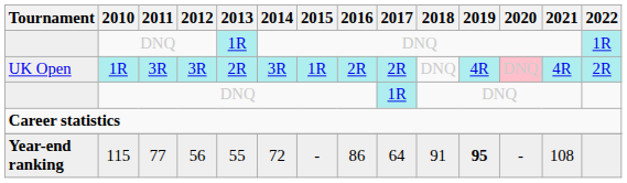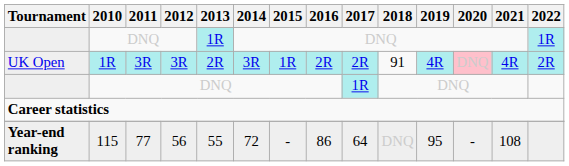 <table class="wikitable" style="width:30%; margin:0">
 <tr>
 <th>Tournament</th>
 <th>2010</th>
 <th>2011</th>
 <th>2012</th>
 <th>2013</th>
 <th>2014</th>
 <th>2015</th>
 <th>2016</th>
 <th>2017</th>
 <th>2018</th>
 <th>2019</th>
 <th>2020</th>
 <th>2021</th>
 <th>2022</th>
 </tr>
 <tr>
 <td style="background:#efefef;"></td>
 <td colspan="3" style="text-align:center; color:#ccc;">DNQ</td>
 <td style="text-align:center; background:#afeeee;"><a href='#'>1R</a></td>
 <td colspan="8" style="text-align:center; color:#ccc;">DNQ</td>
 <td style="text-align:center; background:#afeeee;"><a href='#'>1R</a></td>
 </tr>
 <tr>
 <td style="background:#efefef;"><a href='#'>UK Open</a></td>
 <td style="text-align:center; background:#afeeee;"><a href='#'>1R</a></td>
 <td style="text-align:center; background:#afeeee;"><a href='#'>3R</a></td>
 <td style="text-align:center; background:#afeeee;"><a href='#'>3R</a></td>
 <td style="text-align:center; background:#afeeee;"><a href='#'>2R</a></td>
 <td style="text-align:center; background:#afeeee;"><a href='#'>3R</a></td>
 <td style="text-align:center; background:#afeeee;"><a href='#'>1R</a></td>
 <td style="text-align:center; background:#afeeee;"><a href='#'>2R</a></td>
 <td style="text-align:center; background:#afeeee;"><a href='#'>2R</a></td>
-<td style="text-align:center; color:#ccc;">DNQ</td>
+<td style="text-align:center;">91</td>
 <td style="text-align:center; background:#afeeee;"><a href='#'>4R</a></td>
 <td style="background: pink; text-align:center; color:#ccc;">DNQ</td>
 <td style="text-align:center; background:#afeeee;"><a href='#'>4R</a></td>
 <td style="text-align:center; background:#afeeee;"><a href='#'>2R</a></td>
 </tr>
 <tr>
 <td style="background:#efefef;"></td>
 <td colspan="7" style="text-align:center; color:#ccc;">DNQ</td>
 <td style="text-align:center; background:#afeeee;"><a href='#'>1R</a></td>
 <td colspan="4" style="text-align:center; color:#ccc;">DNQ</td>
 <td></td>
 </tr>
 <tr>
 <td colspan="18" align="left"><strong>Career statistics</strong></td>
 </tr>
 <tr>
 </tr>
 <tr bgcolor="efefef">
 <td align="left"><strong>Year-end ranking</strong></td>
 <td style="text-align:center;">115</td>
 <td style="text-align:center;">77</td>
 <td style="text-align:center;">56</td>
 <td style="text-align:center;">55</td>
 <td style="text-align:center;">72</td>
 <td style="text-align:center;">-</td>
 <td style="text-align:center;">86</td>
 <td style="text-align:center;">64</td>
-<td style="text-align:center;">91</td>
-<td style="text-align:center;"><strong>95</strong></td>
+<td style="text-align:center; color:#ccc;">DNQ</td>
+<td style="text-align:center;">95</td>
 <td style="text-align:center;">-</td>
 <td style="text-align:center;">108</td>
 <td></td>
 </tr>
 </table>
